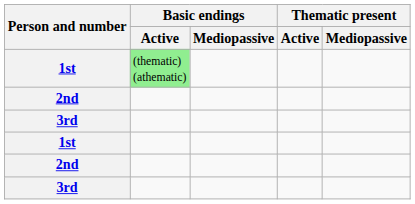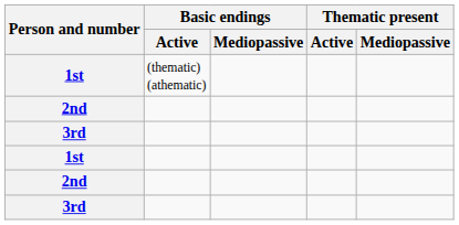 <table class="wikitable">
 <tr>
 <th rowspan=2>Person and number</th>
 <th colspan=2>Basic endings</th>
 <th colspan=2>Thematic present</th>
 </tr>
 <tr>
 <th>Active</th>
 <th>Mediopassive</th>
 <th>Active</th>
 <th>Mediopassive</th>
 </tr>
 <tr>
 <th><strong><a href='#'>1st </a></strong></th>
-<td style="background: lightgreen;"> <small>(thematic)</small><br> <small>(athematic)</small></td>
+<td> <small>(thematic)</small><br> <small>(athematic)</small></td>
 <td></td>
 <td></td>
 <td></td>
 </tr>
 <tr>
 <th><strong><a href='#'>2nd </a></strong></th>
 <td></td>
 <td></td>
 <td></td>
 <td></td>
 </tr>
 <tr>
 <th><strong><a href='#'>3rd </a></strong></th>
 <td></td>
 <td></td>
 <td></td>
 <td></td>
 </tr>
 <tr>
 <th><strong><a href='#'>1st </a></strong></th>
 <td></td>
 <td></td>
 <td></td>
 <td></td>
 </tr>
 <tr>
 <th><strong><a href='#'>2nd </a></strong></th>
 <td></td>
 <td></td>
 <td></td>
 <td></td>
 </tr>
 <tr>
 <th><strong><a href='#'>3rd </a></strong></th>
 <td></td>
 <td></td>
 <td></td>
 <td></td>
 </tr>
 </table>
